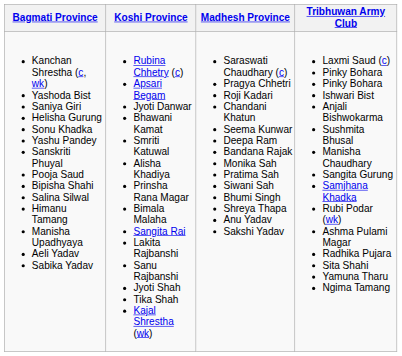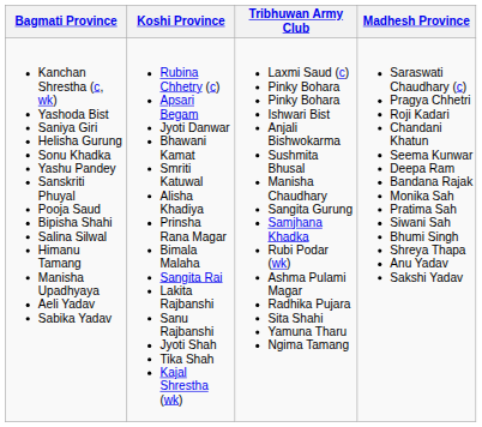 <table class="wikitable" style="text-align:left; margin:auto">
 <tr>
 <th><a href='#'>Bagmati Province</a></th>
 <th><a href='#'>Koshi Province</a></th>
+<th><a href='#'>Tribhuwan Army Club</a></th>
 <th><a href='#'>Madhesh Province</a></th>
-<th><a href='#'>Tribhuwan Army Club</a></th>
 </tr>
 <tr>
 <td valign=top><br><ul><li>Kanchan Shrestha (<a href='#'>c</a>, <a href='#'>wk</a>)</li><li>Yashoda Bist</li><li>Saniya Giri</li><li>Helisha Gurung</li><li>Sonu Khadka</li><li>Yashu Pandey</li><li>Sanskriti Phuyal</li><li>Pooja Saud</li><li>Bipisha Shahi</li><li>Salina Silwal</li><li>Himanu Tamang</li><li>Manisha Upadhyaya</li><li>Aeli Yadav</li><li>Sabika Yadav</li></ul></td>
 <td valign=top><br><ul><li><a href='#'>Rubina Chhetry</a> (<a href='#'>c</a>)</li><li><a href='#'>Apsari Begam</a></li><li>Jyoti Danwar</li><li>Bhawani Kamat</li><li>Smriti Katuwal</li><li>Alisha Khadiya</li><li>Prinsha Rana Magar</li><li>Bimala Malaha</li><li><a href='#'>Sangita Rai</a></li><li>Lakita Rajbanshi</li><li>Sanu Rajbanshi</li><li>Jyoti Shah</li><li>Tika Shah</li><li><a href='#'>Kajal Shrestha</a> (<a href='#'>wk</a>)</li></ul></td>
+<td valign=top><br><ul><li>Laxmi Saud (<a href='#'>c</a>)</li><li>Pinky Bohara</li><li>Pinky Bohara</li><li>Ishwari Bist</li><li>Anjali Bishwokarma</li><li>Sushmita Bhusal</li><li>Manisha Chaudhary</li><li>Sangita Gurung</li><li><a href='#'>Samjhana Khadka</a></li><li>Rubi Podar (<a href='#'>wk</a>)</li><li>Ashma Pulami Magar</li><li>Radhika Pujara</li><li>Sita Shahi</li><li>Yamuna Tharu</li><li>Ngima Tamang</li></ul></td>
 <td valign=top><br><ul><li>Saraswati Chaudhary (<a href='#'>c</a>)</li><li>Pragya Chhetri</li><li>Roji Kadari</li><li>Chandani Khatun</li><li>Seema Kunwar</li><li>Deepa Ram</li><li>Bandana Rajak</li><li>Monika Sah</li><li>Pratima Sah</li><li>Siwani Sah</li><li>Bhumi Singh</li><li>Shreya Thapa</li><li>Anu Yadav</li><li>Sakshi Yadav</li></ul></td>
-<td valign=top><br><ul><li>Laxmi Saud (<a href='#'>c</a>)</li><li>Pinky Bohara</li><li>Pinky Bohara</li><li>Ishwari Bist</li><li>Anjali Bishwokarma</li><li>Sushmita Bhusal</li><li>Manisha Chaudhary</li><li>Sangita Gurung</li><li><a href='#'>Samjhana Khadka</a></li><li>Rubi Podar (<a href='#'>wk</a>)</li><li>Ashma Pulami Magar</li><li>Radhika Pujara</li><li>Sita Shahi</li><li>Yamuna Tharu</li><li>Ngima Tamang</li></ul></td>
 </tr>
 </table>
